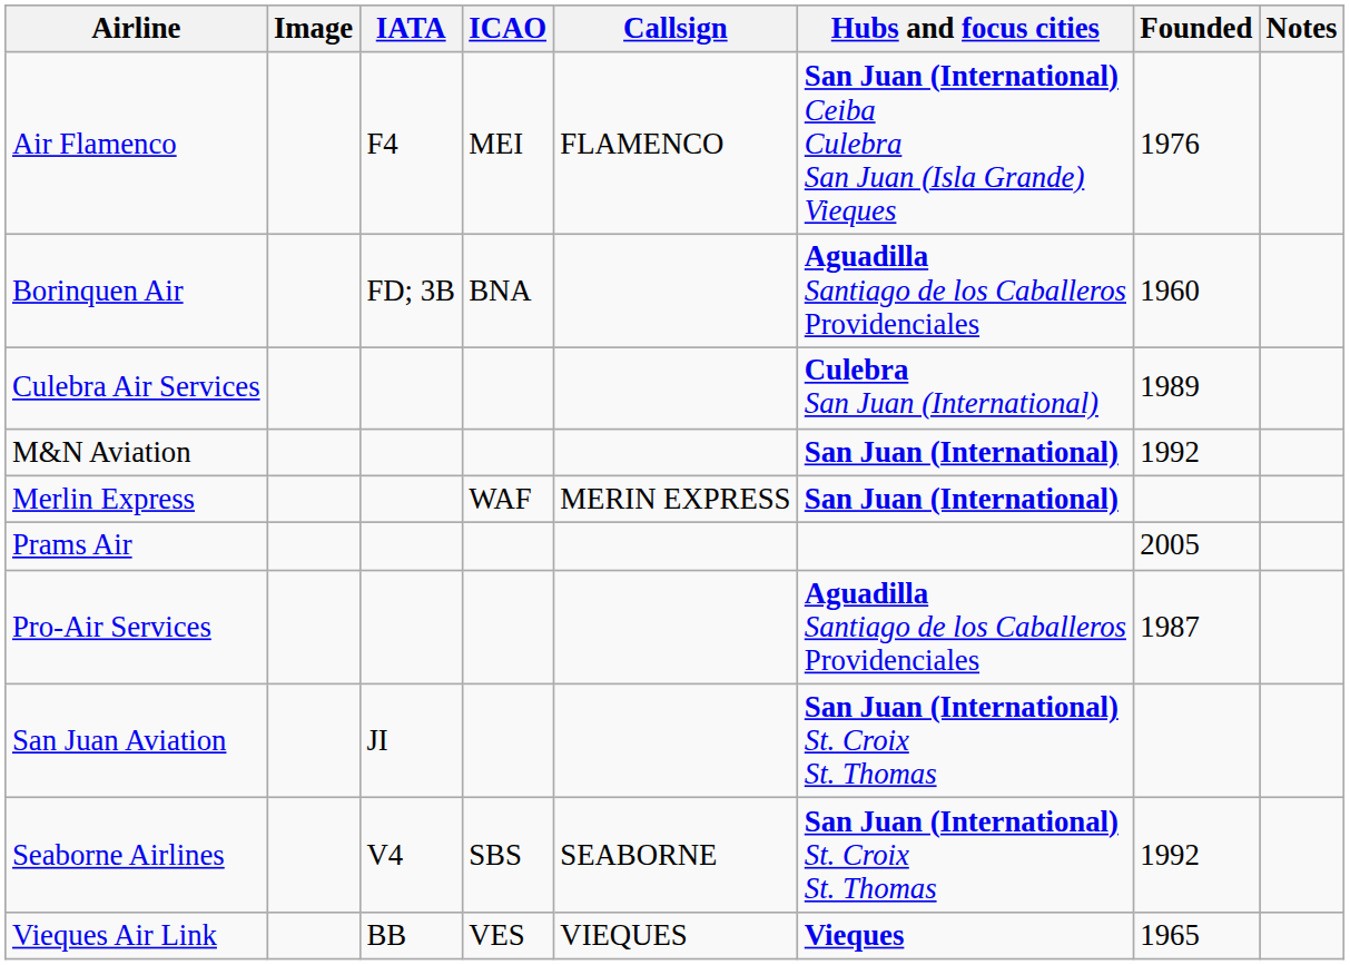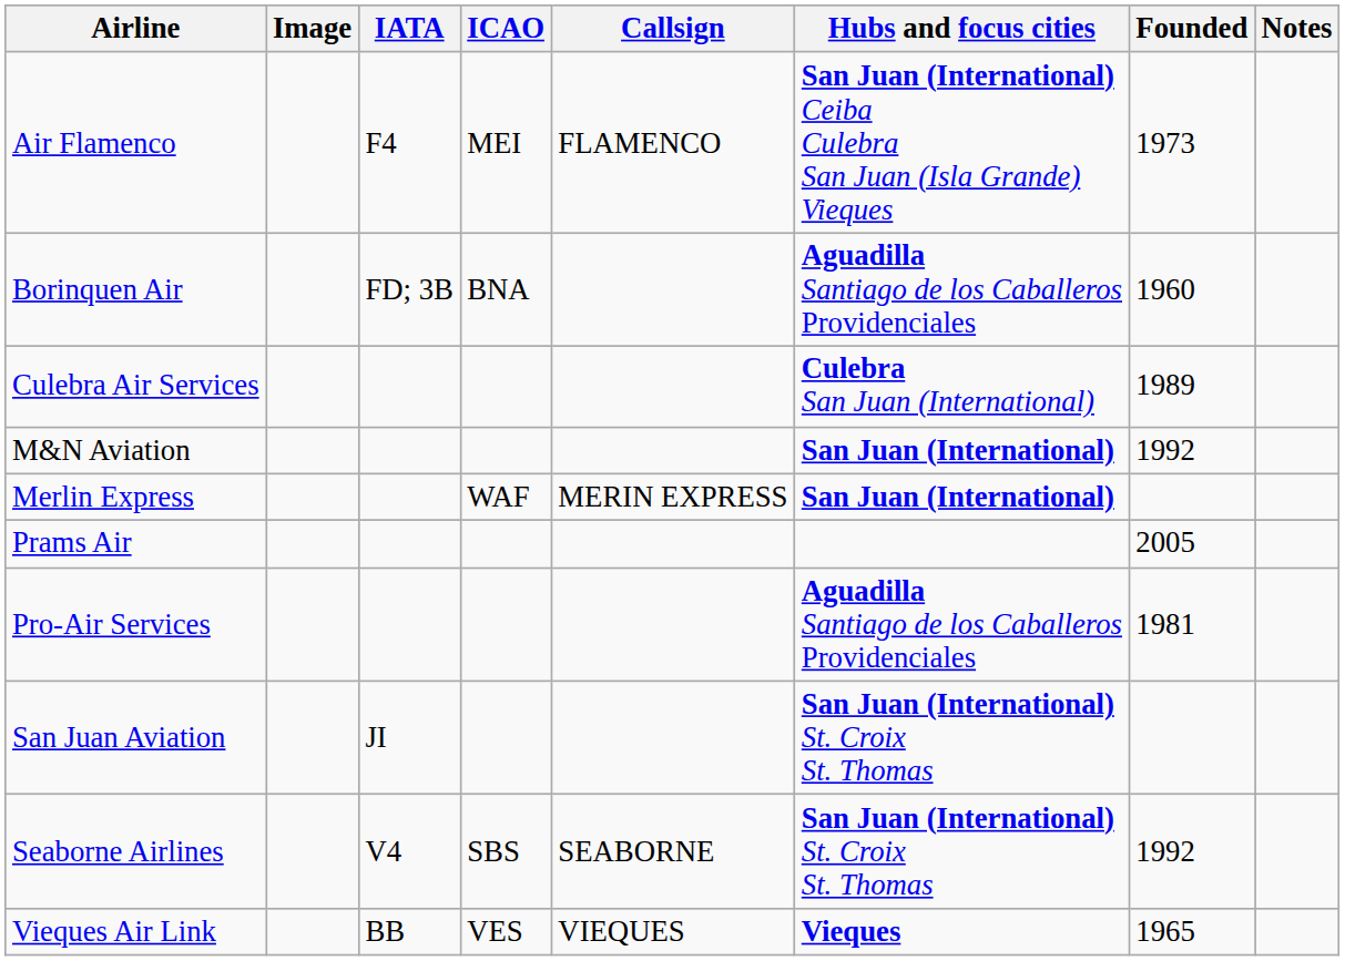 <table class="wikitable" style="border: 0; cellpadding: 2; cellspacing: 3;">
 <tr style="vertical-align:middle;">
 <th>Airline</th>
 <th>Image</th>
 <th><a href='#'>IATA</a></th>
 <th><a href='#'>ICAO</a></th>
 <th><a href='#'>Callsign</a></th>
 <th><a href='#'>Hubs</a> and <a href='#'>focus cities</a></th>
 <th>Founded</th>
 <th>Notes</th>
 </tr>
 <tr>
 <td><a href='#'>Air Flamenco</a></td>
 <td></td>
 <td>F4</td>
 <td>MEI</td>
 <td>FLAMENCO</td>
 <td><strong><a href='#'>San Juan (International)</a></strong><br><em><a href='#'>Ceiba</a></em><br><em><a href='#'>Culebra</a></em><br><em><a href='#'>San Juan (Isla Grande)</a></em><br><em><a href='#'>Vieques</a></em></td>
-<td>1976</td>
+<td>1973</td>
 <td></td>
 </tr>
 <tr>
 <td><a href='#'>Borinquen Air</a></td>
 <td></td>
 <td>FD; 3B</td>
 <td>BNA</td>
 <td></td>
 <td><strong><a href='#'>Aguadilla</a></strong><br><em><a href='#'>Santiago de los Caballeros</a></em><br><a href='#'>Providenciales</a></td>
 <td>1960</td>
 <td></td>
 </tr>
 <tr>
 <td><a href='#'>Culebra Air Services</a></td>
 <td></td>
 <td></td>
 <td></td>
 <td></td>
 <td><strong><a href='#'>Culebra</a></strong><br><em><a href='#'>San Juan (International)</a></em></td>
 <td>1989</td>
 <td></td>
 </tr>
 <tr>
 <td>M&N Aviation</td>
 <td></td>
 <td></td>
 <td></td>
 <td></td>
 <td><strong><a href='#'>San Juan (International)</a></strong></td>
 <td>1992</td>
 <td></td>
 </tr>
 <tr>
 <td><a href='#'>Merlin Express</a></td>
 <td></td>
 <td></td>
 <td>WAF</td>
 <td>MERIN EXPRESS</td>
 <td><strong><a href='#'>San Juan (International)</a></strong></td>
 <td></td>
 <td></td>
 </tr>
 <tr>
 <td><a href='#'>Prams Air</a></td>
 <td></td>
 <td></td>
 <td></td>
 <td></td>
 <td></td>
 <td>2005</td>
 <td></td>
 </tr>
 <tr>
 <td><a href='#'>Pro-Air Services</a></td>
 <td></td>
 <td></td>
 <td></td>
 <td></td>
 <td><strong><a href='#'>Aguadilla</a></strong><br><em><a href='#'>Santiago de los Caballeros</a></em><br><a href='#'>Providenciales</a></td>
-<td>1987</td>
+<td>1981</td>
 <td></td>
 </tr>
 <tr>
 <td><a href='#'>San Juan Aviation</a></td>
 <td></td>
 <td>JI</td>
 <td></td>
 <td></td>
 <td><strong><a href='#'>San Juan (International)</a></strong><br><em><a href='#'>St. Croix</a></em><br><em><a href='#'>St. Thomas</a></em></td>
 <td></td>
 <td></td>
 </tr>
 <tr>
 <td><a href='#'>Seaborne Airlines</a></td>
 <td></td>
 <td>V4</td>
 <td>SBS</td>
 <td>SEABORNE</td>
 <td><strong><a href='#'>San Juan (International)</a></strong><br><em><a href='#'>St. Croix</a></em><br><em><a href='#'>St. Thomas</a></em></td>
 <td>1992</td>
 <td></td>
 </tr>
 <tr>
 <td><a href='#'>Vieques Air Link</a></td>
 <td></td>
 <td>BB</td>
 <td>VES</td>
 <td>VIEQUES</td>
 <td><strong><a href='#'>Vieques</a></strong></td>
 <td>1965</td>
 <td></td>
 </tr>
 </table>
